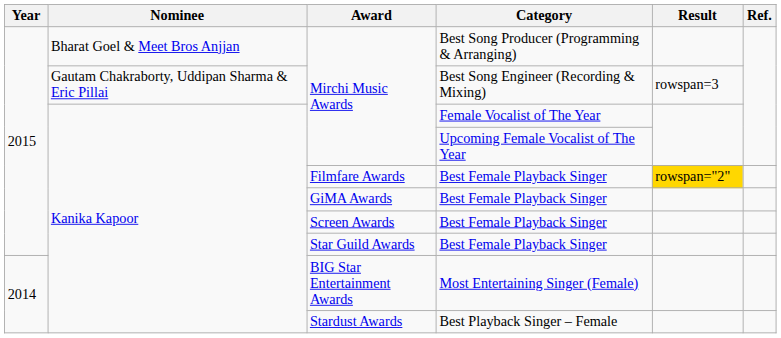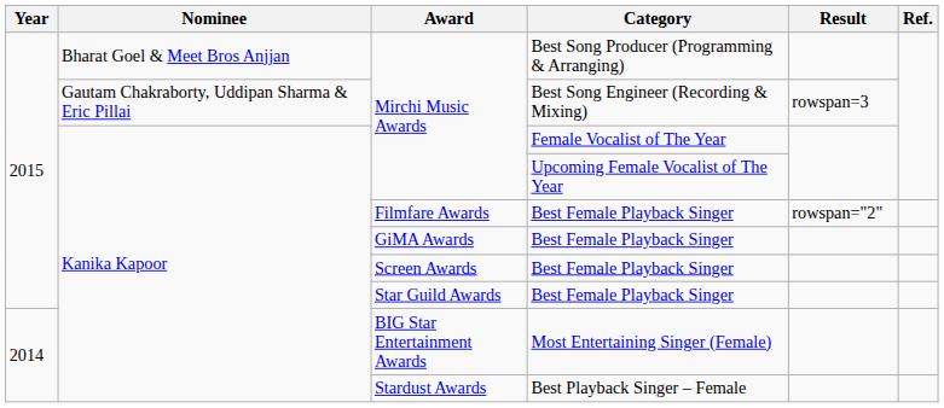 <table class="wikitable sortable">
 <tr>
 <th width=5%>Year</th>
 <th width=30%>Nominee</th>
 <th width=15%>Award</th>
 <th width=25%>Category</th>
 <th width=10%>Result</th>
 <th width=2%>Ref.</th>
 </tr>
 <tr>
 <td rowspan="8">2015</td>
 <td>Bharat Goel & <a href='#'>Meet Bros Anjjan</a></td>
 <td rowspan=4><a href='#'>Mirchi Music Awards</a></td>
 <td>Best Song Producer (Programming & Arranging)</td>
 <td></td>
 <td rowspan=4></td>
 </tr>
 <tr>
 <td>Gautam Chakraborty, Uddipan Sharma & <a href='#'>Eric Pillai</a></td>
 <td>Best Song Engineer (Recording & Mixing)</td>
 <td>rowspan=3 </td>
 </tr>
 <tr>
 <td rowspan="8"><a href='#'>Kanika Kapoor</a></td>
 <td><a href='#'>Female Vocalist of The Year</a></td>
 </tr>
 <tr>
 <td><a href='#'>Upcoming Female Vocalist of The Year</a></td>
 </tr>
 <tr>
 <td><a href='#'>Filmfare Awards</a></td>
 <td><a href='#'>Best Female Playback Singer</a></td>
-<td style="background: gold;">rowspan="2" </td>
+<td>rowspan="2" </td>
 <td></td>
 </tr>
 <tr>
 <td><a href='#'>GiMA Awards</a></td>
 <td><a href='#'>Best Female Playback Singer</a></td>
 <td></td>
 </tr>
 <tr>
 <td><a href='#'>Screen Awards</a></td>
 <td><a href='#'>Best Female Playback Singer</a></td>
 <td></td>
 <td></td>
 </tr>
 <tr>
 <td><a href='#'>Star Guild Awards</a></td>
 <td><a href='#'>Best Female Playback Singer</a></td>
 <td></td>
 <td></td>
 </tr>
 <tr>
 <td rowspan="2">2014</td>
 <td><a href='#'>BIG Star Entertainment Awards</a></td>
 <td><a href='#'>Most Entertaining Singer (Female)</a></td>
 <td></td>
 <td></td>
 </tr>
 <tr>
 <td><a href='#'>Stardust Awards</a></td>
 <td>Best Playback Singer – Female</td>
 <td></td>
 <td></td>
 </tr>
 </table>
